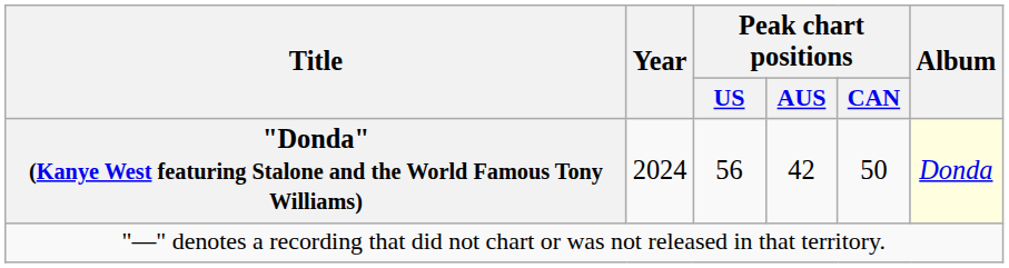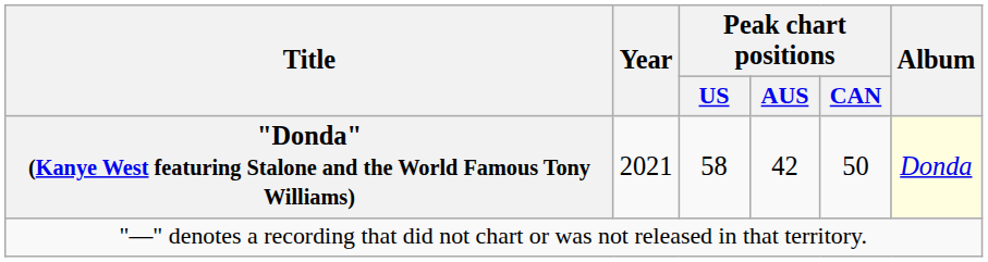 <table class="wikitable plainrowheaders" style="text-align:center;">
 <tr>
 <th scope="col" rowspan="2" style="width:22.5em;">Title</th>
 <th scope="col" rowspan="2">Year</th>
 <th scope="col" colspan="3">Peak chart positions</th>
 <th scope="col" rowspan="2">Album</th>
 </tr>
 <tr>
 <th scope="col" style="width:2.5em;font-size:90%;"><a href='#'>US</a><br></th>
 <th scope="col" style="width:2.5em;font-size:90%;"><a href='#'>AUS</a><br></th>
 <th scope="col" style="width:2.5em;font-size:90%;"><a href='#'>CAN</a><br></th>
 </tr>
 <tr>
 <th scope="row">"Donda"<br><small>(<a href='#'>Kanye West</a> featuring Stalone and the World Famous Tony Williams)</small></th>
-<td>2024</td>
-<td>56</td>
+<td>2021</td>
+<td>58</td>
 <td>42</td>
 <td>50</td>
 <td style="background: lightyellow;"><em><a href='#'>Donda</a></em></td>
 </tr>
 <tr>
 <td colspan="6" style="font-size:90%">"—" denotes a recording that did not chart or was not released in that territory.</td>
 </tr>
 </table>
